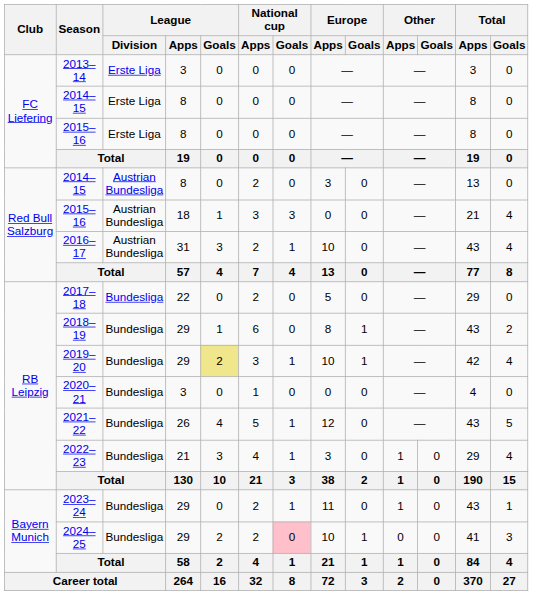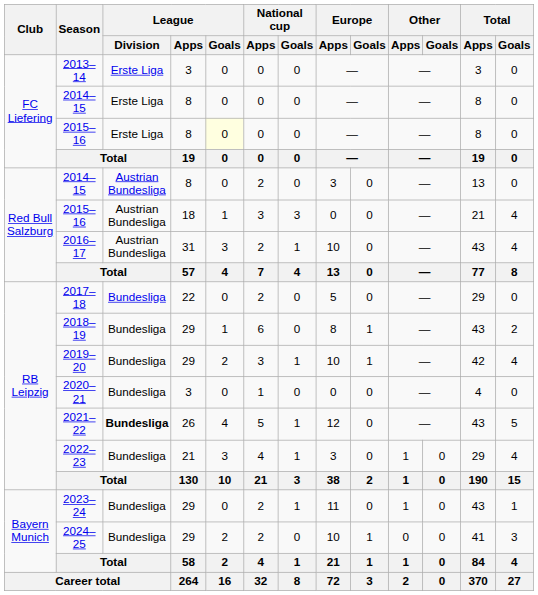 <table class="wikitable" style="text-align: center">
 <tr>
 <th rowspan="2">Club</th>
 <th rowspan="2">Season</th>
 <th colspan="3">League</th>
 <th colspan="2">National cup</th>
 <th colspan="2">Europe</th>
 <th colspan="2">Other</th>
 <th colspan="2">Total</th>
 </tr>
 <tr>
 <th>Division</th>
 <th>Apps</th>
 <th>Goals</th>
 <th>Apps</th>
 <th>Goals</th>
 <th>Apps</th>
 <th>Goals</th>
 <th>Apps</th>
 <th>Goals</th>
 <th>Apps</th>
 <th>Goals</th>
 </tr>
 <tr>
 <td rowspan="4"><a href='#'>FC Liefering</a></td>
 <td><a href='#'>2013–14</a></td>
 <td><a href='#'>Erste Liga</a></td>
 <td>3</td>
 <td>0</td>
 <td>0</td>
 <td>0</td>
 <td colspan="2">—</td>
 <td colspan="2">—</td>
 <td>3</td>
 <td>0</td>
 </tr>
 <tr>
 <td><a href='#'>2014–15</a></td>
 <td>Erste Liga</td>
 <td>8</td>
 <td>0</td>
 <td>0</td>
 <td>0</td>
 <td colspan="2">—</td>
 <td colspan="2">—</td>
 <td>8</td>
 <td>0</td>
 </tr>
 <tr>
 <td><a href='#'>2015–16</a></td>
 <td>Erste Liga</td>
 <td>8</td>
-<td>0</td>
+<td style="background: lightyellow;">0</td>
 <td>0</td>
 <td>0</td>
 <td colspan="2">—</td>
 <td colspan="2">—</td>
 <td>8</td>
 <td>0</td>
 </tr>
 <tr>
 <th colspan="2">Total</th>
 <th>19</th>
 <th>0</th>
 <th>0</th>
 <th>0</th>
 <th colspan="2">—</th>
 <th colspan="2">—</th>
 <th>19</th>
 <th>0</th>
 </tr>
 <tr>
 <td rowspan="4"><a href='#'>Red Bull Salzburg</a></td>
 <td><a href='#'>2014–15</a></td>
 <td><a href='#'>Austrian Bundesliga</a></td>
 <td>8</td>
 <td>0</td>
 <td>2</td>
 <td>0</td>
 <td>3</td>
 <td>0</td>
 <td colspan="2">—</td>
 <td>13</td>
 <td>0</td>
 </tr>
 <tr>
 <td><a href='#'>2015–16</a></td>
 <td>Austrian Bundesliga</td>
 <td>18</td>
 <td>1</td>
 <td>3</td>
 <td>3</td>
 <td>0</td>
 <td>0</td>
 <td colspan="2">—</td>
 <td>21</td>
 <td>4</td>
 </tr>
 <tr>
 <td><a href='#'>2016–17</a></td>
 <td>Austrian Bundesliga</td>
 <td>31</td>
 <td>3</td>
 <td>2</td>
 <td>1</td>
 <td>10</td>
 <td>0</td>
 <td colspan="2">—</td>
 <td>43</td>
 <td>4</td>
 </tr>
 <tr>
 <th colspan="2">Total</th>
 <th>57</th>
 <th>4</th>
 <th>7</th>
 <th>4</th>
 <th>13</th>
 <th>0</th>
 <th colspan="2">—</th>
 <th>77</th>
 <th>8</th>
 </tr>
 <tr>
 <td rowspan="7"><a href='#'>RB Leipzig</a></td>
 <td><a href='#'>2017–18</a></td>
 <td><a href='#'>Bundesliga</a></td>
 <td>22</td>
 <td>0</td>
 <td>2</td>
 <td>0</td>
 <td>5</td>
 <td>0</td>
 <td colspan="2">—</td>
 <td>29</td>
 <td>0</td>
 </tr>
 <tr>
 <td><a href='#'>2018–19</a></td>
 <td>Bundesliga</td>
 <td>29</td>
 <td>1</td>
 <td>6</td>
 <td>0</td>
 <td>8</td>
 <td>1</td>
 <td colspan="2">—</td>
 <td>43</td>
 <td>2</td>
 </tr>
 <tr>
 <td><a href='#'>2019–20</a></td>
 <td>Bundesliga</td>
 <td>29</td>
-<td style="background: khaki;">2</td>
+<td>2</td>
 <td>3</td>
 <td>1</td>
 <td>10</td>
 <td>1</td>
 <td colspan="2">—</td>
 <td>42</td>
 <td>4</td>
 </tr>
 <tr>
 <td><a href='#'>2020–21</a></td>
 <td>Bundesliga</td>
 <td>3</td>
 <td>0</td>
 <td>1</td>
 <td>0</td>
 <td>0</td>
 <td>0</td>
 <td colspan="2">—</td>
 <td>4</td>
 <td>0</td>
 </tr>
 <tr>
 <td><a href='#'>2021–22</a></td>
-<td>Bundesliga</td>
+<td><strong>Bundesliga</strong></td>
 <td>26</td>
 <td>4</td>
 <td>5</td>
 <td>1</td>
 <td>12</td>
 <td>0</td>
 <td colspan="2">—</td>
 <td>43</td>
 <td>5</td>
 </tr>
 <tr>
 <td><a href='#'>2022–23</a></td>
 <td>Bundesliga</td>
 <td>21</td>
 <td>3</td>
 <td>4</td>
 <td>1</td>
 <td>3</td>
 <td>0</td>
 <td>1</td>
 <td>0</td>
 <td>29</td>
 <td>4</td>
 </tr>
 <tr>
 <th colspan="2">Total</th>
 <th>130</th>
 <th>10</th>
 <th>21</th>
 <th>3</th>
 <th>38</th>
 <th>2</th>
 <th>1</th>
 <th>0</th>
 <th>190</th>
 <th>15</th>
 </tr>
 <tr>
 <td rowspan="3"><a href='#'>Bayern Munich</a></td>
 <td><a href='#'>2023–24</a></td>
 <td>Bundesliga</td>
 <td>29</td>
 <td>0</td>
 <td>2</td>
 <td>1</td>
 <td>11</td>
 <td>0</td>
 <td>1</td>
 <td>0</td>
 <td>43</td>
 <td>1</td>
 </tr>
 <tr>
 <td><a href='#'>2024–25</a></td>
 <td>Bundesliga</td>
 <td>29</td>
 <td>2</td>
 <td>2</td>
-<td style="background: pink;">0</td>
+<td>0</td>
 <td>10</td>
 <td>1</td>
 <td>0</td>
 <td>0</td>
 <td>41</td>
 <td>3</td>
 </tr>
 <tr>
 <th colspan="2">Total</th>
 <th>58</th>
 <th>2</th>
 <th>4</th>
 <th>1</th>
 <th>21</th>
 <th>1</th>
 <th>1</th>
 <th>0</th>
 <th>84</th>
 <th>4</th>
 </tr>
 <tr>
 <th colspan="3">Career total</th>
 <th>264</th>
 <th>16</th>
 <th>32</th>
 <th>8</th>
 <th>72</th>
 <th>3</th>
 <th>2</th>
 <th>0</th>
 <th>370</th>
 <th>27</th>
 </tr>
 </table>
